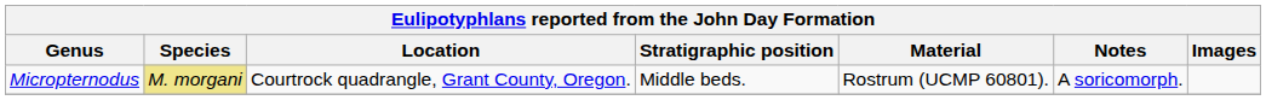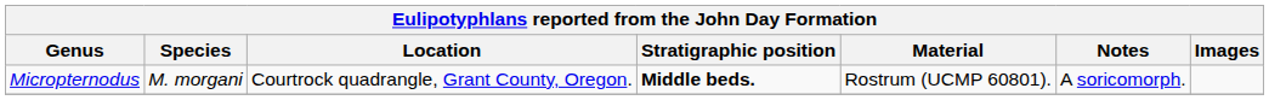 <table class="wikitable" align="center">
 <tr>
 <th colspan="7" align="center"><strong><a href='#'>Eulipotyphlans</a> reported from the John Day Formation</strong></th>
 </tr>
 <tr>
 <th>Genus</th>
 <th>Species</th>
 <th>Location</th>
 <th><strong>Stratigraphic position</strong></th>
 <th><strong>Material</strong></th>
 <th>Notes</th>
 <th>Images</th>
 </tr>
 <tr>
 <td><em><a href='#'>Micropternodus</a></em></td>
-<td style="background: khaki;"><em>M. morgani</em></td>
+<td><em>M. morgani</em></td>
 <td>Courtrock quadrangle, <a href='#'>Grant County, Oregon</a>.</td>
-<td>Middle beds.</td>
+<td><strong>Middle beds.</strong></td>
 <td>Rostrum (UCMP 60801).</td>
 <td>A <a href='#'>soricomorph</a>.</td>
 <td></td>
 </tr>
 <tr>
 </tr>
 </table>
